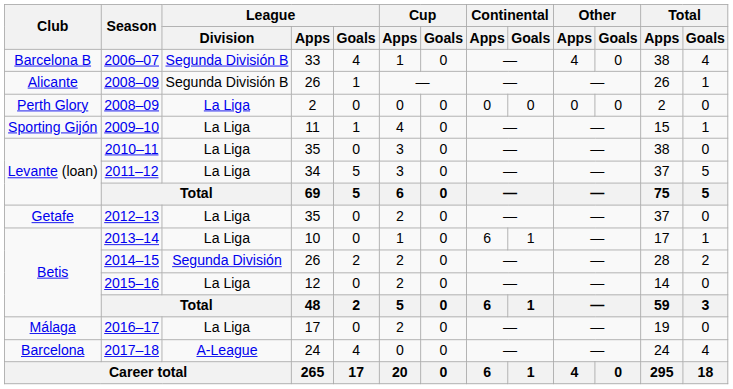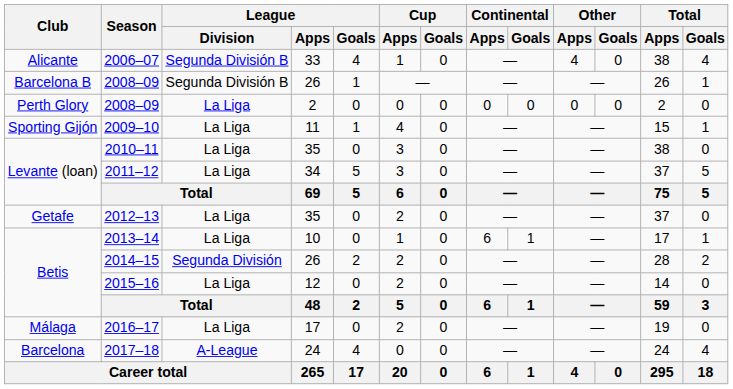 <table class="wikitable" style="text-align:center">
 <tr>
 <th rowspan="2">Club</th>
 <th rowspan="2">Season</th>
 <th colspan="3">League</th>
 <th colspan="2">Cup</th>
 <th colspan="2">Continental</th>
 <th colspan="2">Other</th>
 <th colspan="2">Total</th>
 </tr>
 <tr>
 <th>Division</th>
 <th>Apps</th>
 <th>Goals</th>
 <th>Apps</th>
 <th>Goals</th>
 <th>Apps</th>
 <th>Goals</th>
 <th>Apps</th>
 <th>Goals</th>
 <th>Apps</th>
 <th>Goals</th>
 </tr>
 <tr>
-<td rowspan="1"><a href='#'>Barcelona B</a></td>
+<td rowspan="1"><a href='#'>Alicante</a></td>
 <td><a href='#'>2006–07</a></td>
 <td><a href='#'>Segunda División B</a></td>
 <td>33</td>
 <td>4</td>
 <td>1</td>
 <td>0</td>
 <td colspan="2">—</td>
 <td>4</td>
 <td>0</td>
 <td>38</td>
 <td>4</td>
 </tr>
 <tr>
-<td rowspan="1"><a href='#'>Alicante</a></td>
+<td rowspan="1"><a href='#'>Barcelona B</a></td>
 <td><a href='#'>2008–09</a></td>
 <td>Segunda División B</td>
 <td>26</td>
 <td>1</td>
 <td colspan="2">—</td>
 <td colspan="2">—</td>
 <td colspan="2">—</td>
 <td>26</td>
 <td>1</td>
 </tr>
 <tr>
 <td rowspan="1"><a href='#'>Perth Glory</a></td>
 <td><a href='#'>2008–09</a></td>
 <td><a href='#'>La Liga</a></td>
 <td>2</td>
 <td>0</td>
 <td>0</td>
 <td>0</td>
 <td>0</td>
 <td>0</td>
 <td>0</td>
 <td>0</td>
 <td>2</td>
 <td>0</td>
 </tr>
 <tr>
 <td><a href='#'>Sporting Gijón</a></td>
 <td><a href='#'>2009–10</a></td>
 <td>La Liga</td>
 <td>11</td>
 <td>1</td>
 <td>4</td>
 <td>0</td>
 <td colspan="2">—</td>
 <td colspan="2">—</td>
 <td>15</td>
 <td>1</td>
 </tr>
 <tr>
 <td rowspan="3"><a href='#'>Levante</a> (loan)</td>
 <td><a href='#'>2010–11</a></td>
 <td>La Liga</td>
 <td>35</td>
 <td>0</td>
 <td>3</td>
 <td>0</td>
 <td colspan="2">—</td>
 <td colspan="2">—</td>
 <td>38</td>
 <td>0</td>
 </tr>
 <tr>
 <td><a href='#'>2011–12</a></td>
 <td>La Liga</td>
 <td>34</td>
 <td>5</td>
 <td>3</td>
 <td>0</td>
 <td colspan="2">—</td>
 <td colspan="2">—</td>
 <td>37</td>
 <td>5</td>
 </tr>
 <tr>
 <th colspan="2">Total</th>
 <th>69</th>
 <th>5</th>
 <th>6</th>
 <th>0</th>
 <th colspan="2">—</th>
 <th colspan="2">—</th>
 <th>75</th>
 <th>5</th>
 </tr>
 <tr>
 <td><a href='#'>Getafe</a></td>
 <td><a href='#'>2012–13</a></td>
 <td>La Liga</td>
 <td>35</td>
 <td>0</td>
 <td>2</td>
 <td>0</td>
 <td colspan="2">—</td>
 <td colspan="2">—</td>
 <td>37</td>
 <td>0</td>
 </tr>
 <tr>
 <td rowspan="4"><a href='#'>Betis</a></td>
 <td><a href='#'>2013–14</a></td>
 <td>La Liga</td>
 <td>10</td>
 <td>0</td>
 <td>1</td>
 <td>0</td>
 <td>6</td>
 <td>1</td>
 <td colspan="2">—</td>
 <td>17</td>
 <td>1</td>
 </tr>
 <tr>
 <td><a href='#'>2014–15</a></td>
 <td><a href='#'>Segunda División</a></td>
 <td>26</td>
 <td>2</td>
 <td>2</td>
 <td>0</td>
 <td colspan="2">—</td>
 <td colspan="2">—</td>
 <td>28</td>
 <td>2</td>
 </tr>
 <tr>
 <td><a href='#'>2015–16</a></td>
 <td>La Liga</td>
 <td>12</td>
 <td>0</td>
 <td>2</td>
 <td>0</td>
 <td colspan="2">—</td>
 <td colspan="2">—</td>
 <td>14</td>
 <td>0</td>
 </tr>
 <tr>
 <th colspan="2">Total</th>
 <th>48</th>
 <th>2</th>
 <th>5</th>
 <th>0</th>
 <th>6</th>
 <th>1</th>
 <th colspan="2">—</th>
 <th>59</th>
 <th>3</th>
 </tr>
 <tr>
 <td><a href='#'>Málaga</a></td>
 <td><a href='#'>2016–17</a></td>
 <td>La Liga</td>
 <td>17</td>
 <td>0</td>
 <td>2</td>
 <td>0</td>
 <td colspan="2">—</td>
 <td colspan="2">—</td>
 <td>19</td>
 <td>0</td>
 </tr>
 <tr>
 <td><a href='#'>Barcelona</a></td>
 <td><a href='#'>2017–18</a></td>
 <td><a href='#'>A-League</a></td>
 <td>24</td>
 <td>4</td>
 <td>0</td>
 <td>0</td>
 <td colspan="2">—</td>
 <td colspan="2">—</td>
 <td>24</td>
 <td>4</td>
 </tr>
 <tr>
 <th colspan="3">Career total</th>
 <th>265</th>
 <th>17</th>
 <th>20</th>
 <th>0</th>
 <th>6</th>
 <th>1</th>
 <th>4</th>
 <th>0</th>
 <th>295</th>
 <th>18</th>
 </tr>
 </table>
